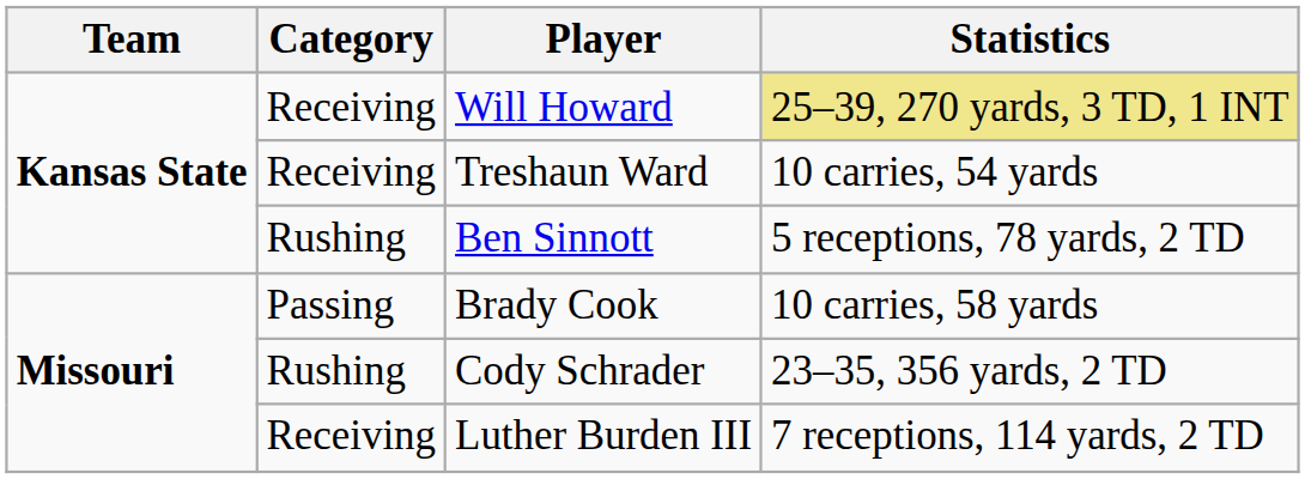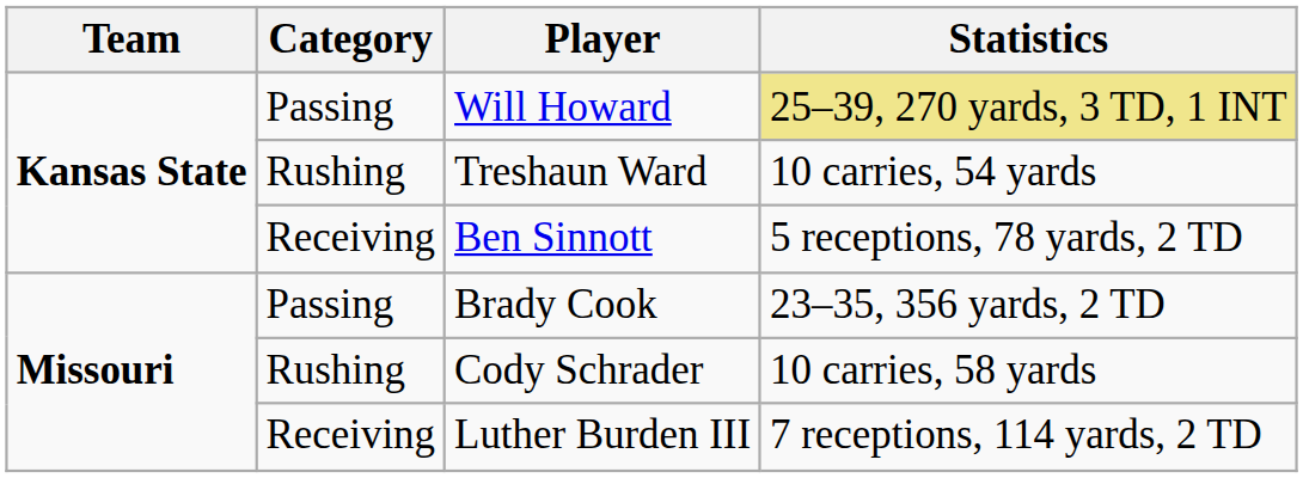 <table class="wikitable" style="float: right;">
 <tr>
 <th>Team</th>
 <th>Category</th>
 <th>Player</th>
 <th>Statistics</th>
 </tr>
 <tr>
 <td rowspan=3><strong>Kansas State</strong></td>
-<td>Receiving</td>
+<td>Passing</td>
 <td><a href='#'>Will Howard</a></td>
 <td style="background: khaki;">25–39, 270 yards, 3 TD, 1 INT</td>
 </tr>
 <tr>
-<td>Receiving</td>
+<td>Rushing</td>
 <td>Treshaun Ward</td>
 <td>10 carries, 54 yards</td>
 </tr>
 <tr>
-<td>Rushing</td>
+<td>Receiving</td>
 <td><a href='#'>Ben Sinnott</a></td>
 <td>5 receptions, 78 yards, 2 TD</td>
 </tr>
 <tr>
 <td rowspan=3><strong>Missouri</strong></td>
 <td>Passing</td>
 <td>Brady Cook</td>
-<td>10 carries, 58 yards</td>
+<td>23–35, 356 yards, 2 TD</td>
 </tr>
 <tr>
 <td>Rushing</td>
 <td>Cody Schrader</td>
-<td>23–35, 356 yards, 2 TD</td>
+<td>10 carries, 58 yards</td>
 </tr>
 <tr>
 <td>Receiving</td>
 <td>Luther Burden III</td>
 <td>7 receptions, 114 yards, 2 TD</td>
 </tr>
 </table>
